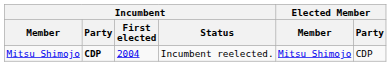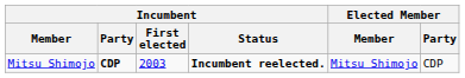 <table class="wikitable sortable">
 <tr>
 <th colspan=4>Incumbent</th>
 <th colspan=2>Elected Member</th>
 </tr>
 <tr>
 <th>Member</th>
 <th>Party</th>
 <th>First<br>elected</th>
 <th>Status</th>
 <th>Member</th>
 <th>Party</th>
 </tr>
 <tr>
 <td><a href='#'>Mitsu Shimojo</a></td>
 <td><strong>CDP</strong></td>
-<td><a href='#'>2004</a></td>
-<td>Incumbent reelected.</td>
+<td><a href='#'>2003</a></td>
+<td><strong>Incumbent reelected.</strong></td>
 <td><a href='#'>Mitsu Shimojo</a></td>
 <td>CDP</td>
 </tr>
 </table>
